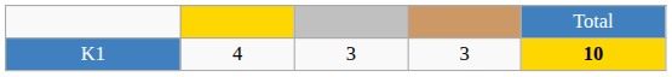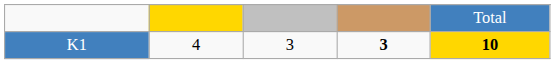 <table class="wikitable"  style="font-size:95%; text-align:center; border:gray solid 1px; width:40%;">
 <tr>
 <td rowspan="2" style="width:3%;"></td>
 </tr>
 <tr>
 <td style="width:2%;" bgcolor=gold></td>
 <td style="width:2%;" bgcolor=silver></td>
 <td style="width:2%;" bgcolor=cc9966></td>
 <td style="width:2%; background-color:#4180be; color:white;">Total</td>
 </tr>
 <tr>
 <td style="background-color:#4180be; color:white;">K1</td>
 <td>4</td>
 <td>3</td>
-<td>3</td>
+<td><strong>3</strong></td>
 <td style="background: gold;"><strong>10</strong></td>
 </tr>
 </table>
